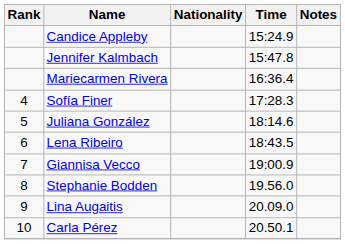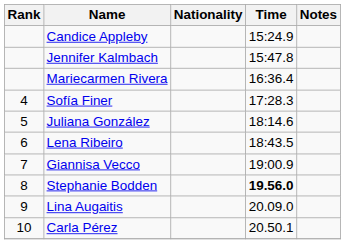 <table class="wikitable sortable" style="text-align:center">
 <tr>
 <th>Rank</th>
 <th>Name</th>
 <th>Nationality</th>
 <th>Time</th>
 <th>Notes</th>
 </tr>
 <tr>
 <td></td>
 <td align=left><a href='#'>Candice Appleby</a></td>
 <td align=left></td>
 <td>15:24.9</td>
 <td></td>
 </tr>
 <tr>
 <td></td>
 <td align=left><a href='#'>Jennifer Kalmbach</a></td>
 <td align=left></td>
 <td>15:47.8</td>
 <td></td>
 </tr>
 <tr>
 <td></td>
 <td align=left><a href='#'>Mariecarmen Rivera</a></td>
 <td align=left></td>
 <td>16:36.4</td>
 <td></td>
 </tr>
 <tr>
 <td>4</td>
 <td align=left><a href='#'>Sofía Finer</a></td>
 <td align=left></td>
 <td>17:28.3</td>
 <td></td>
 </tr>
 <tr>
 <td>5</td>
 <td align=left><a href='#'>Juliana González</a></td>
 <td align=left></td>
 <td>18:14.6</td>
 <td></td>
 </tr>
 <tr>
 <td>6</td>
 <td align=left><a href='#'>Lena Ribeiro</a></td>
 <td align=left></td>
 <td>18:43.5</td>
 <td></td>
 </tr>
 <tr>
 <td>7</td>
 <td align=left><a href='#'>Giannisa Vecco</a></td>
 <td align=left></td>
 <td>19:00.9</td>
 <td></td>
 </tr>
 <tr>
 <td>8</td>
 <td align=left><a href='#'>Stephanie Bodden</a></td>
 <td align=left></td>
-<td>19.56.0</td>
+<td><strong>19.56.0</strong></td>
 <td></td>
 </tr>
 <tr>
 <td>9</td>
 <td align=left><a href='#'>Lina Augaitis</a></td>
 <td align=left></td>
 <td>20.09.0</td>
 <td></td>
 </tr>
 <tr>
 <td>10</td>
 <td align=left><a href='#'>Carla Pérez</a></td>
 <td align=left></td>
 <td>20.50.1</td>
 <td></td>
 </tr>
 <tr>
 </tr>
 </table>
